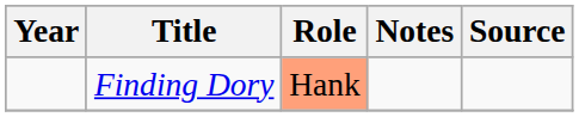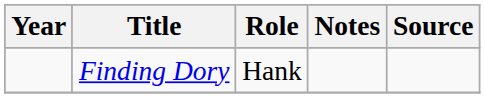 <table class="wikitable sortable plainrowheaders">
 <tr>
 <th>Year</th>
 <th>Title</th>
 <th>Role</th>
 <th class="unsortable">Notes</th>
 <th class="unsortable">Source</th>
 </tr>
 <tr>
 <td></td>
 <td><em><a href='#'>Finding Dory</a></em></td>
-<td style="background: lightsalmon;">Hank</td>
+<td>Hank</td>
 <td></td>
 <td></td>
 </tr>
 <tr>
 </tr>
 </table>
